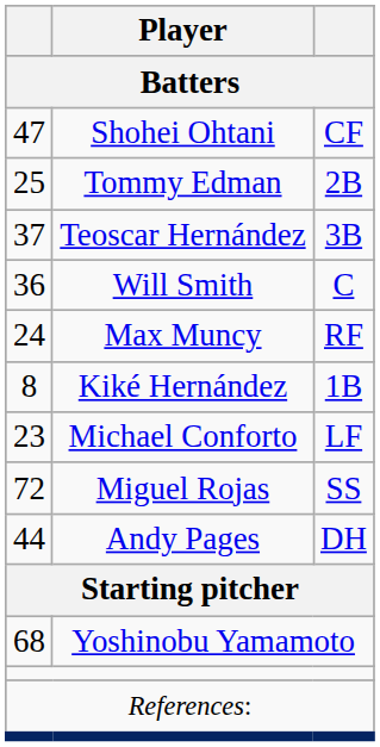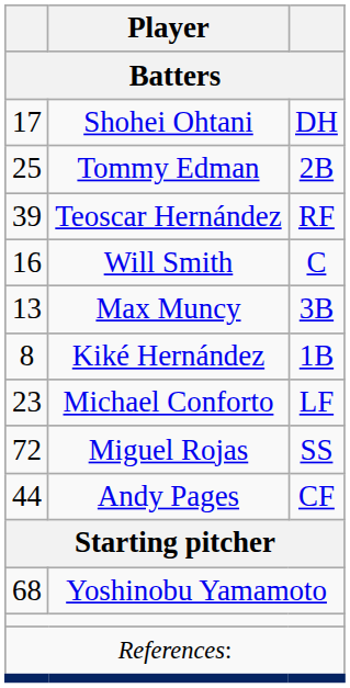 <table class="wikitable" style="text-align:center">
 <tr>
 <th></th>
 <th>Player</th>
 <th></th>
 </tr>
 <tr>
 <th colspan="3">Batters</th>
 </tr>
 <tr>
-<td>47</td>
+<td>17</td>
 <td><a href='#'>Shohei Ohtani</a></td>
-<td><a href='#'>CF</a></td>
+<td><a href='#'>DH</a></td>
 </tr>
 <tr>
 <td>25</td>
 <td><a href='#'>Tommy Edman</a></td>
 <td><a href='#'>2B</a></td>
 </tr>
 <tr>
-<td>37</td>
+<td>39</td>
 <td><a href='#'>Teoscar Hernández</a></td>
-<td><a href='#'>3B</a></td>
+<td><a href='#'>RF</a></td>
 </tr>
 <tr>
-<td>36</td>
+<td>16</td>
 <td><a href='#'>Will Smith</a></td>
 <td><a href='#'>C</a></td>
 </tr>
 <tr>
-<td>24</td>
+<td>13</td>
 <td><a href='#'>Max Muncy</a></td>
-<td><a href='#'>RF</a></td>
+<td><a href='#'>3B</a></td>
 </tr>
 <tr>
 <td>8</td>
 <td><a href='#'>Kiké Hernández</a></td>
 <td><a href='#'>1B</a></td>
 </tr>
 <tr>
 <td>23</td>
 <td><a href='#'>Michael Conforto</a></td>
 <td><a href='#'>LF</a></td>
 </tr>
 <tr>
 <td>72</td>
 <td><a href='#'>Miguel Rojas</a></td>
 <td><a href='#'>SS</a></td>
 </tr>
 <tr>
 <td>44</td>
 <td><a href='#'>Andy Pages</a></td>
-<td><a href='#'>DH</a></td>
+<td><a href='#'>CF</a></td>
 </tr>
 <tr>
 <th colspan="4">Starting pitcher</th>
 </tr>
 <tr>
 <td>68</td>
 <td colspan="2"><a href='#'>Yoshinobu Yamamoto</a></td>
 </tr>
 <tr>
 <td style="text-align:right"; colspan="4"></td>
 </tr>
 <tr>
 <td style="border-bottom:#042462 5px solid;" colspan="4"><small><em>References</em>: </small></td>
 </tr>
 </table>
